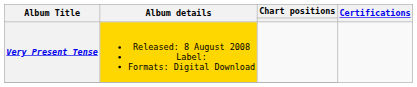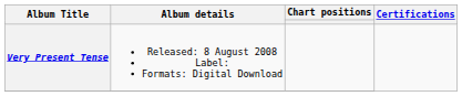 <table class="wikitable plainrowheaders" style="text-align:center;">
 <tr>
 <th scope="col" rowspan="2">Album Title</th>
 <th scope="col" rowspan="2">Album details</th>
 <th scope="col">Chart positions</th>
 <th scope="col" rowspan="2"><a href='#'>Certifications</a></th>
 </tr>
 <tr>
 <th></th>
 </tr>
 <tr>
 <th scope="row"><em><a href='#'>Very Present Tense</a></em></th>
-<td style="background: gold;"><br><ul><li>Released: 8 August 2008</li><li>Label:</li><li>Formats: Digital Download</li></ul></td>
+<td><br><ul><li>Released: 8 August 2008</li><li>Label:</li><li>Formats: Digital Download</li></ul></td>
 <td></td>
 </tr>
 <tr>
 </tr>
 </table>
